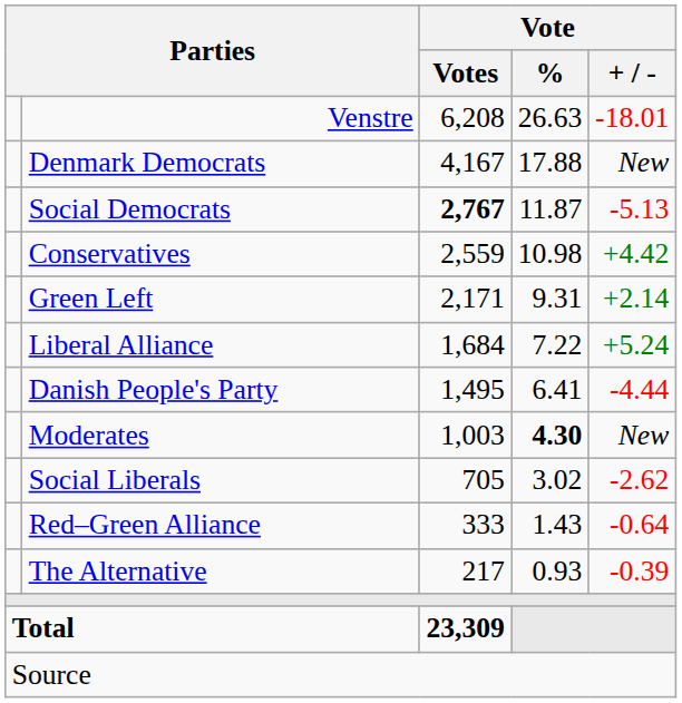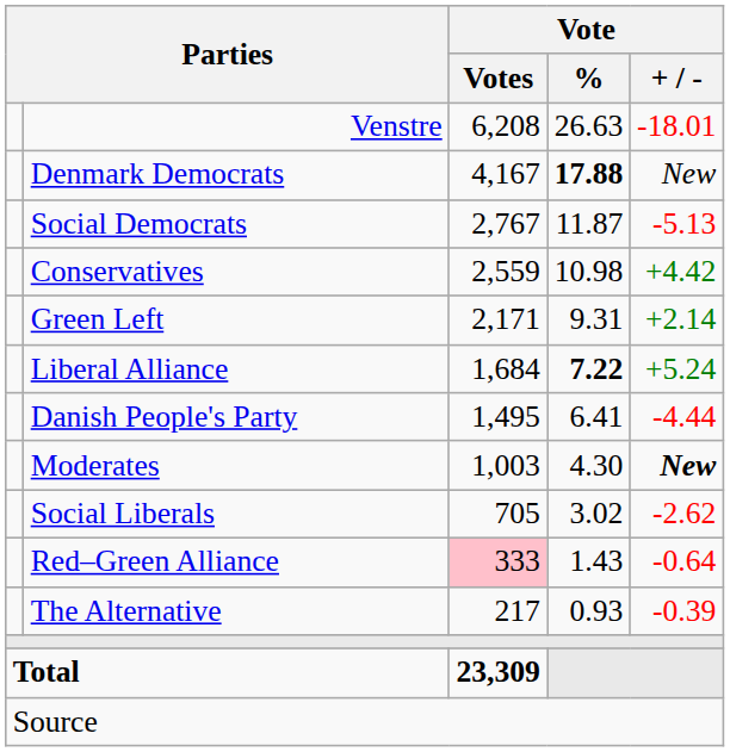 <table class="wikitable" style="text-align:right;">
 <tr>
 <th style="text-align:centre;" rowspan="2" colspan="2" width="225">Parties</th>
 <th colspan="3">Vote</th>
 </tr>
 <tr>
 <th width="15">Votes</th>
 <th width="15">%</th>
 <th width="15">+ / -</th>
 </tr>
 <tr>
 <td width=2 bgcolor=></td>
 <td><a href='#'>Venstre</a></td>
 <td>6,208</td>
 <td>26.63</td>
 <td style=color:red;>-18.01</td>
 </tr>
 <tr>
 <td width=2 bgcolor=></td>
 <td align=left><a href='#'>Denmark Democrats</a></td>
 <td>4,167</td>
-<td>17.88</td>
+<td><strong>17.88</strong></td>
 <td><em>New</em></td>
 </tr>
 <tr>
 <td width=2 bgcolor=></td>
 <td align=left><a href='#'>Social Democrats</a></td>
-<td><strong>2,767</strong></td>
+<td>2,767</td>
 <td>11.87</td>
 <td style=color:red;>-5.13</td>
 </tr>
 <tr>
 <td width=2 bgcolor=></td>
 <td align=left><a href='#'>Conservatives</a></td>
 <td>2,559</td>
 <td>10.98</td>
 <td style=color:green;>+4.42</td>
 </tr>
 <tr>
 <td width=2 bgcolor=></td>
 <td align=left><a href='#'>Green Left</a></td>
 <td>2,171</td>
 <td>9.31</td>
 <td style=color:green;>+2.14</td>
 </tr>
 <tr>
 <td width=2 bgcolor=></td>
 <td align=left><a href='#'>Liberal Alliance</a></td>
 <td>1,684</td>
-<td>7.22</td>
+<td><strong>7.22</strong></td>
 <td style=color:green;>+5.24</td>
 </tr>
 <tr>
 <td width=2 bgcolor=></td>
 <td align=left><a href='#'>Danish People's Party</a></td>
 <td>1,495</td>
 <td>6.41</td>
 <td style=color:red;>-4.44</td>
 </tr>
 <tr>
 <td width=2 bgcolor=></td>
 <td align=left><a href='#'>Moderates</a></td>
 <td>1,003</td>
-<td><strong>4.30</strong></td>
-<td><em>New</em></td>
+<td>4.30</td>
+<td><strong><em>New</em></strong></td>
 </tr>
 <tr>
 <td width=2 bgcolor=></td>
 <td align=left><a href='#'>Social Liberals</a></td>
 <td>705</td>
 <td>3.02</td>
 <td style=color:red;>-2.62</td>
 </tr>
 <tr>
 <td width=2 bgcolor=></td>
 <td align=left><a href='#'>Red–Green Alliance</a></td>
-<td>333</td>
+<td style="background: pink;">333</td>
 <td>1.43</td>
 <td style=color:red;>-0.64</td>
 </tr>
 <tr>
 <td width=2 bgcolor=></td>
 <td align=left><a href='#'>The Alternative</a></td>
 <td>217</td>
 <td>0.93</td>
 <td style=color:red;>-0.39</td>
 </tr>
 <tr>
 <td colspan="7" bgcolor="#E9E9E9"></td>
 </tr>
 <tr>
 <td align="left" colspan="2"><strong>Total</strong></td>
 <td><strong>23,309</strong></td>
 <td bgcolor=#E9E9E9 colspan=2></td>
 </tr>
 <tr>
 <td align="left" colspan="6">Source</td>
 </tr>
 </table>
